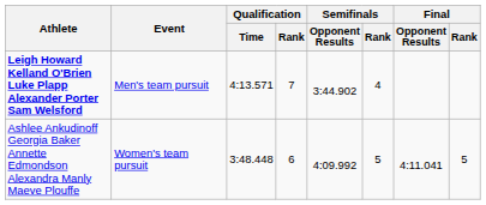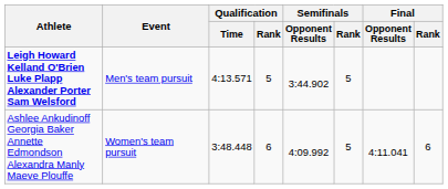 <table class=wikitable style=font-size:90%;text-align:center>
 <tr>
 <th rowspan=2>Athlete</th>
 <th rowspan=2>Event</th>
 <th colspan=2>Qualification</th>
 <th colspan=2>Semifinals</th>
 <th colspan=2>Final</th>
 </tr>
 <tr style=font-size:95%>
 <th>Time</th>
 <th>Rank</th>
 <th>Opponent<br>Results</th>
 <th>Rank</th>
 <th>Opponent<br>Results</th>
 <th>Rank</th>
 </tr>
 <tr>
 <td align=left><strong><a href='#'>Leigh Howard</a><br><a href='#'>Kelland O'Brien</a><br><a href='#'>Luke Plapp</a><br><a href='#'>Alexander Porter</a><br><a href='#'>Sam Welsford</a></strong></td>
 <td align=left><a href='#'>Men's team pursuit</a></td>
 <td>4:13.571</td>
-<td>7</td>
+<td>5</td>
 <td><br>3:44.902</td>
-<td>4</td>
+<td>5</td>
 <td><br></td>
 <td></td>
 </tr>
 <tr>
 <td align=left><a href='#'>Ashlee Ankudinoff</a><br><a href='#'>Georgia Baker</a><br><a href='#'>Annette Edmondson</a><br><a href='#'>Alexandra Manly</a><br><a href='#'>Maeve Plouffe</a></td>
 <td align=left><a href='#'>Women's team pursuit</a></td>
 <td>3:48.448</td>
 <td>6</td>
 <td><br>4:09.992</td>
 <td>5</td>
 <td><br>4:11.041</td>
-<td>5</td>
+<td>6</td>
 </tr>
 </table>
